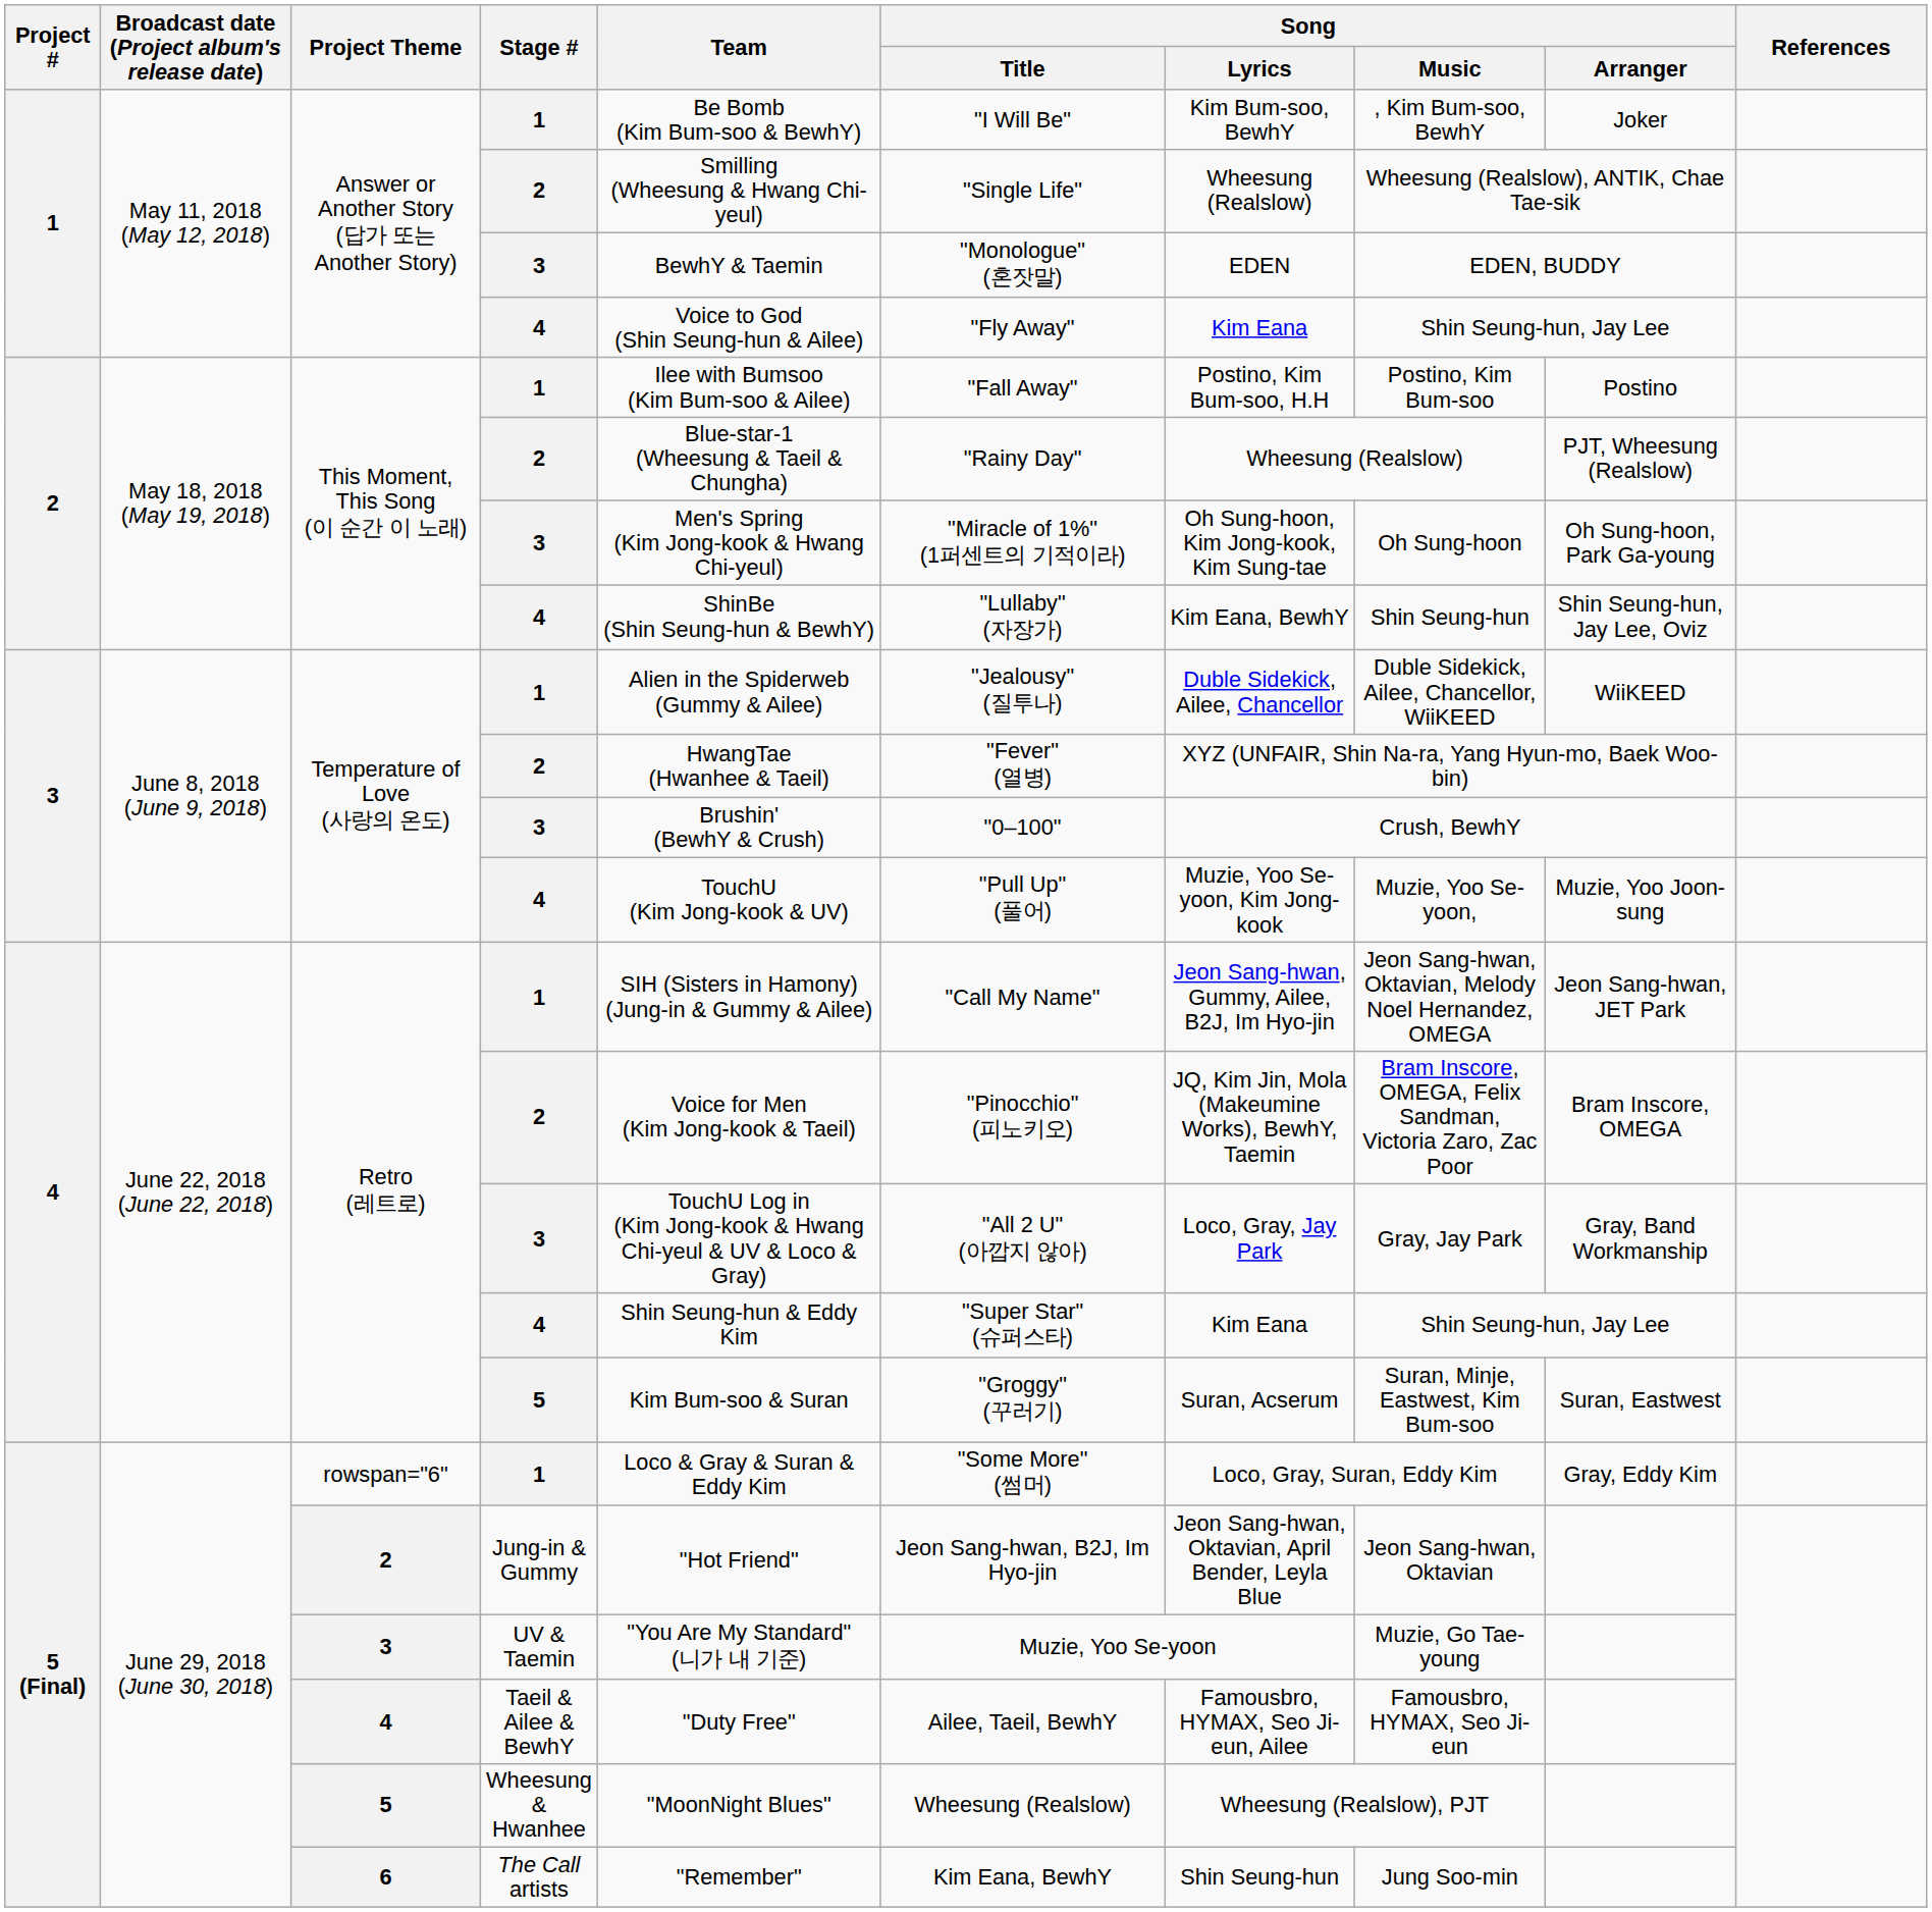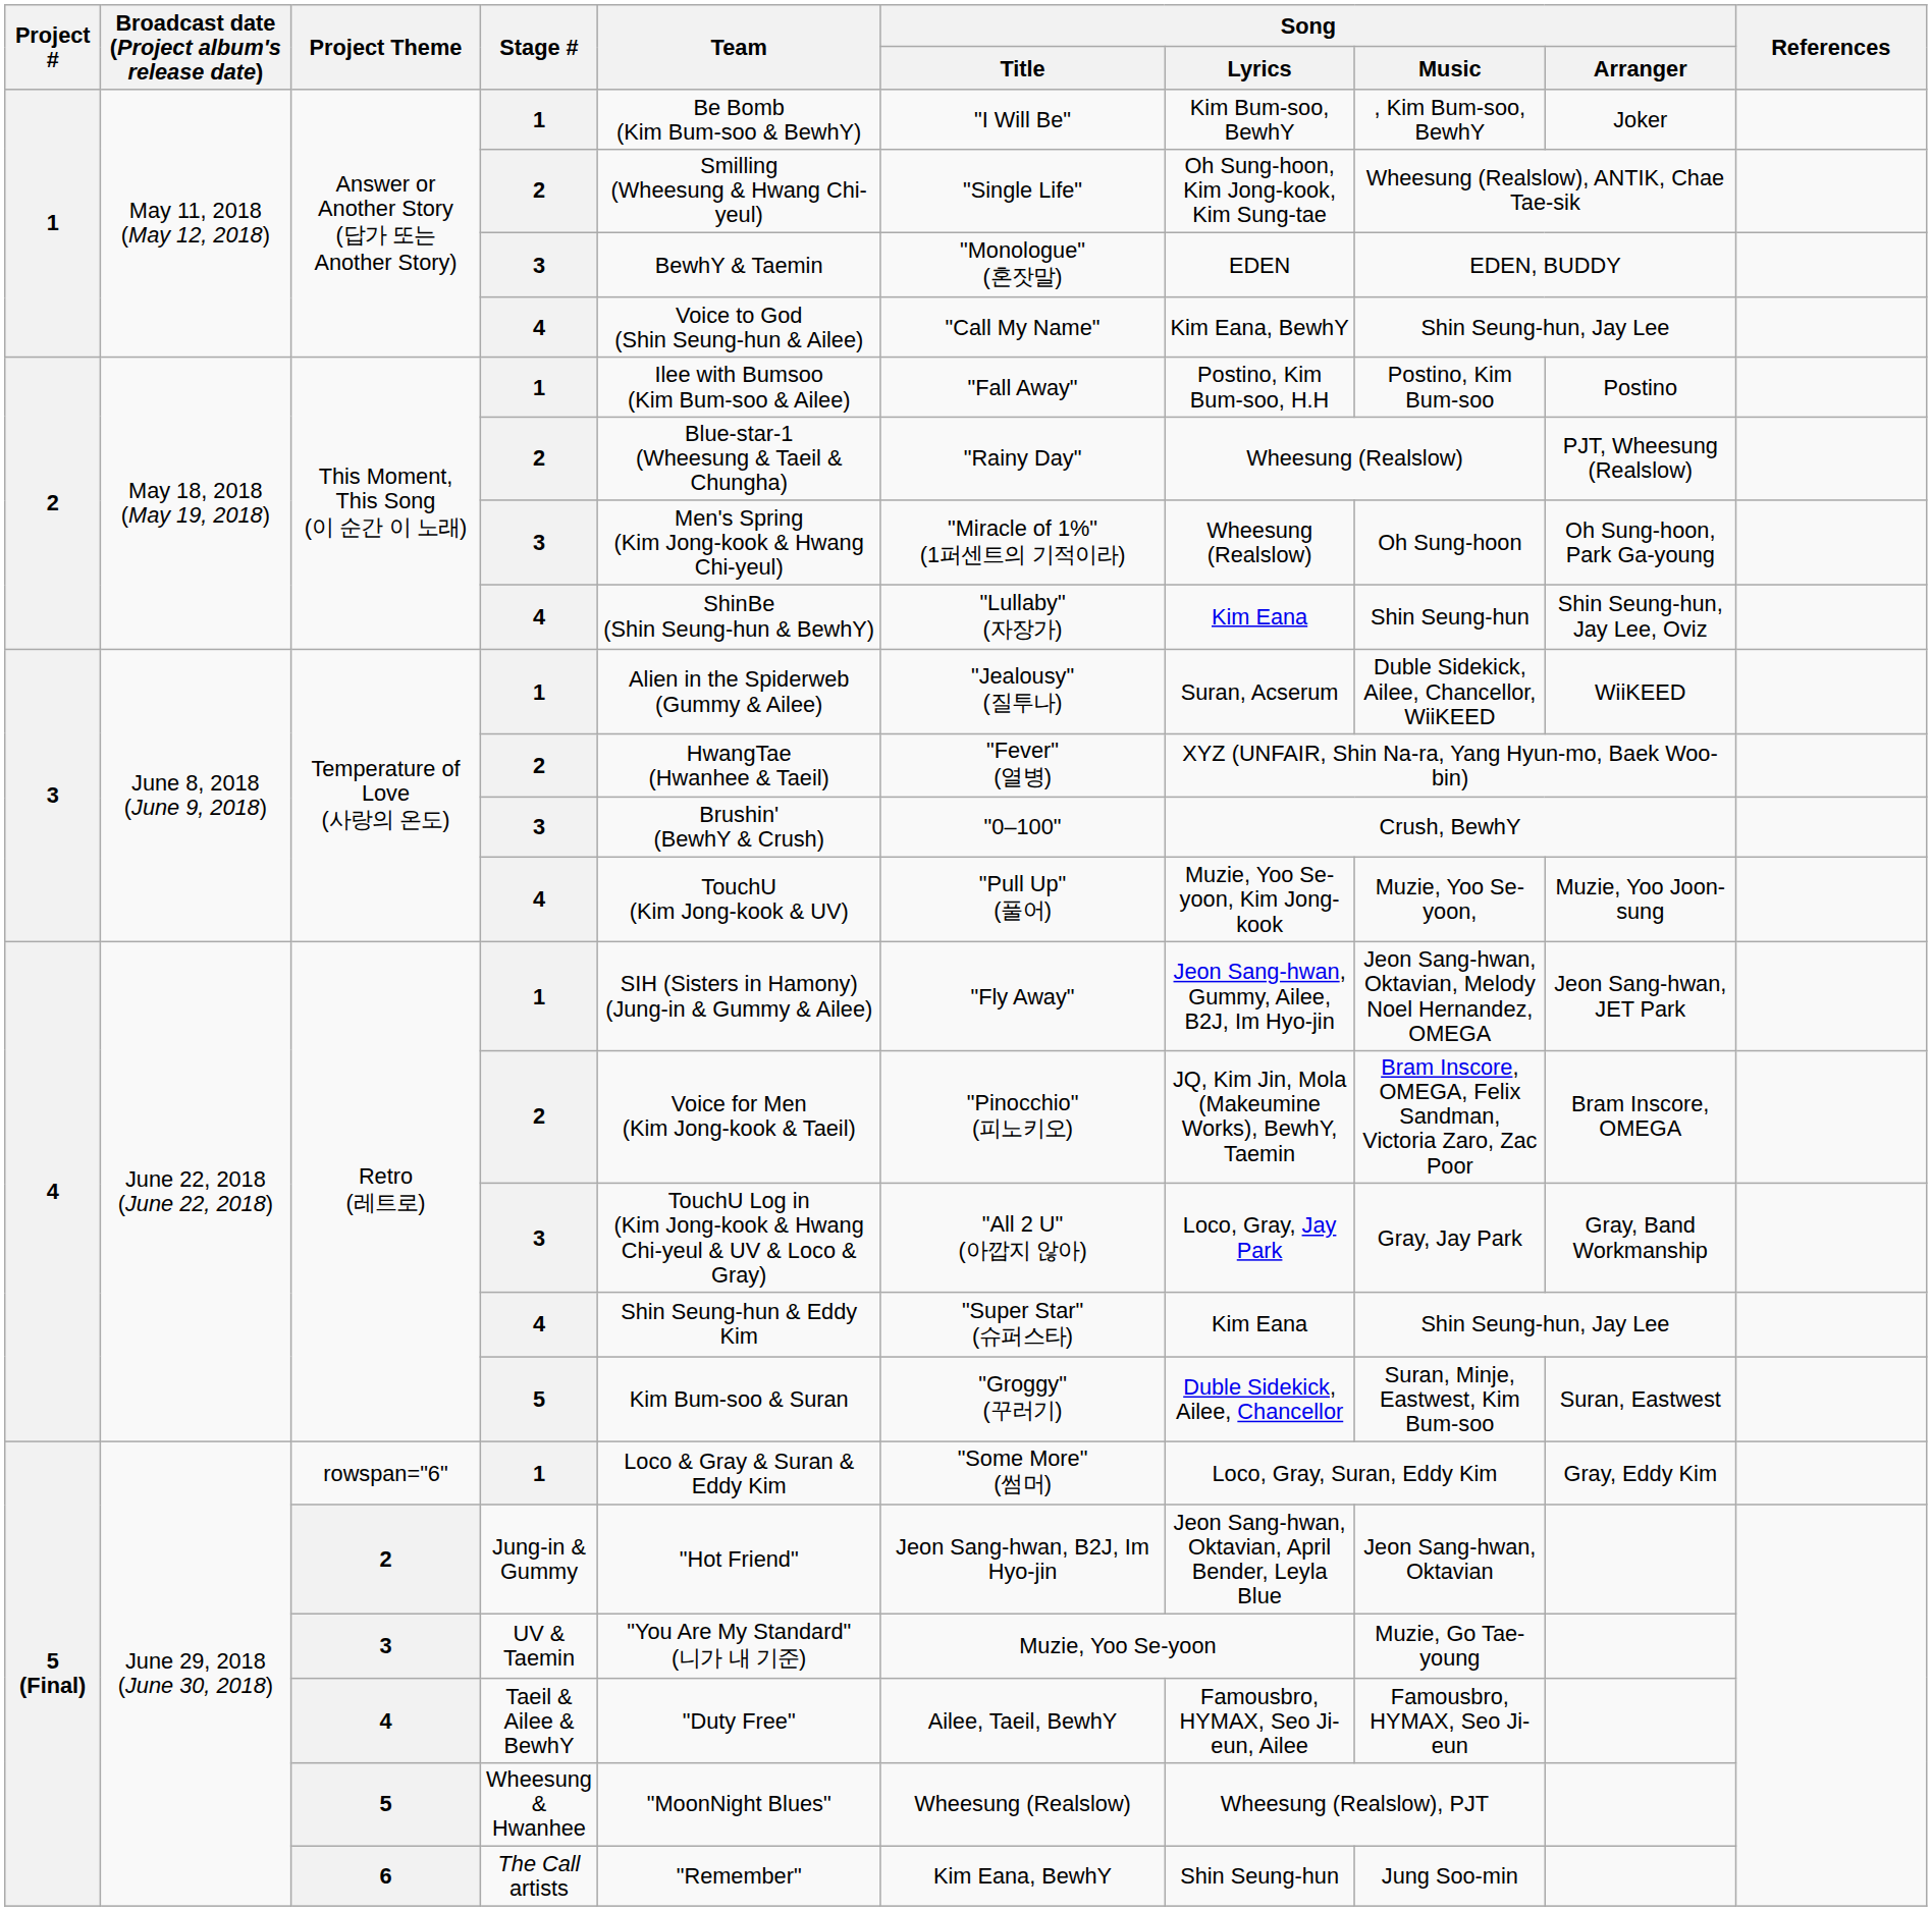 <table class="wikitable" style="text-align:center; font-size:90%;">
 <tr>
 <th width="5%" rowspan="2">Project #</th>
 <th width="10%" rowspan="2">Broadcast date<br>(<em>Project album's release date</em>)</th>
 <th width="10%" rowspan="2">Project Theme</th>
 <th width="5%" rowspan="2">Stage #</th>
 <th width="15%" rowspan="2">Team</th>
 <th colspan="4">Song</th>
 <th width="10%" rowspan="2">References</th>
 </tr>
 <tr>
 <th width="15%">Title</th>
 <th width="10%">Lyrics</th>
 <th width="10%">Music</th>
 <th width="10%">Arranger</th>
 </tr>
 <tr>
 <th rowspan=4>1</th>
 <td rowspan=4>May 11, 2018<br>(<em>May 12, 2018</em>)</td>
 <td rowspan=4>Answer or Another Story<br>(답가 또는 Another Story)</td>
 <th>1</th>
 <td>Be Bomb<br>(Kim Bum-soo & BewhY)</td>
 <td>"I Will Be"</td>
 <td>Kim Bum-soo, BewhY</td>
 <td>, Kim Bum-soo, BewhY</td>
 <td>Joker</td>
 <td></td>
 </tr>
 <tr>
 <th>2</th>
 <td>Smilling<br>(Wheesung & Hwang Chi-yeul)</td>
 <td>"Single Life"</td>
-<td>Wheesung (Realslow)</td>
+<td>Oh Sung-hoon, Kim Jong-kook, Kim Sung-tae</td>
 <td colspan=2>Wheesung (Realslow), ANTIK, Chae Tae-sik</td>
 <td></td>
 </tr>
 <tr>
 <th>3</th>
 <td>BewhY & Taemin</td>
 <td>"Monologue"<br>(혼잣말)</td>
 <td>EDEN</td>
 <td colspan=2>EDEN, BUDDY</td>
 <td></td>
 </tr>
 <tr>
 <th>4</th>
 <td>Voice to God<br>(Shin Seung-hun & Ailee)</td>
-<td>"Fly Away"</td>
-<td><a href='#'>Kim Eana</a></td>
+<td>"Call My Name"</td>
+<td>Kim Eana, BewhY</td>
 <td colspan=2>Shin Seung-hun, Jay Lee</td>
 <td></td>
 </tr>
 <tr>
 <th rowspan=4>2</th>
 <td rowspan=4>May 18, 2018<br>(<em>May 19, 2018</em>)</td>
 <td rowspan=4>This Moment, This Song<br>(이 순간 이 노래)</td>
 <th>1</th>
 <td>Ilee with Bumsoo<br>(Kim Bum-soo & Ailee)</td>
 <td>"Fall Away"</td>
 <td>Postino, Kim Bum-soo, H.H</td>
 <td>Postino, Kim Bum-soo</td>
 <td>Postino</td>
 <td></td>
 </tr>
 <tr>
 <th>2</th>
 <td>Blue-star-1<br>(Wheesung & Taeil & Chungha)</td>
 <td>"Rainy Day"</td>
 <td colspan=2>Wheesung (Realslow)</td>
 <td>PJT, Wheesung (Realslow)</td>
 <td></td>
 </tr>
 <tr>
 <th>3</th>
 <td>Men's Spring<br>(Kim Jong-kook & Hwang Chi-yeul)</td>
 <td>"Miracle of 1%"<br>(1퍼센트의 기적이라)</td>
-<td>Oh Sung-hoon, Kim Jong-kook, Kim Sung-tae</td>
+<td>Wheesung (Realslow)</td>
 <td>Oh Sung-hoon</td>
 <td>Oh Sung-hoon, Park Ga-young</td>
 <td></td>
 </tr>
 <tr>
 <th>4</th>
 <td>ShinBe<br>(Shin Seung-hun & BewhY)</td>
 <td>"Lullaby"<br>(자장가)</td>
-<td>Kim Eana, BewhY</td>
+<td><a href='#'>Kim Eana</a></td>
 <td>Shin Seung-hun</td>
 <td>Shin Seung-hun, Jay Lee, Oviz</td>
 <td></td>
 </tr>
 <tr>
 <th rowspan=4>3</th>
 <td rowspan=4>June 8, 2018<br>(<em>June 9, 2018</em>)</td>
 <td rowspan=4>Temperature of Love<br>(사랑의 온도)</td>
 <th>1</th>
 <td>Alien in the Spiderweb<br>(Gummy & Ailee)</td>
 <td>"Jealousy"<br>(질투나)</td>
-<td><a href='#'>Duble Sidekick</a>, Ailee, <a href='#'>Chancellor</a></td>
+<td>Suran, Acserum</td>
 <td>Duble Sidekick, Ailee, Chancellor, WiiKEED</td>
 <td>WiiKEED</td>
 <td></td>
 </tr>
 <tr>
 <th>2</th>
 <td>HwangTae<br>(Hwanhee & Taeil)</td>
 <td>"Fever"<br>(열병)</td>
 <td colspan=3>XYZ (UNFAIR, Shin Na-ra, Yang Hyun-mo, Baek Woo-bin)</td>
 <td></td>
 </tr>
 <tr>
 <th>3</th>
 <td>Brushin'<br>(BewhY & Crush)</td>
 <td>"0–100"</td>
 <td colspan=3>Crush, BewhY</td>
 <td></td>
 </tr>
 <tr>
 <th>4</th>
 <td>TouchU<br>(Kim Jong-kook & UV)</td>
 <td>"Pull Up"<br>(풀어)</td>
 <td>Muzie, Yoo Se-yoon, Kim Jong-kook</td>
 <td>Muzie, Yoo Se-yoon, </td>
 <td>Muzie, Yoo Joon-sung</td>
 <td></td>
 </tr>
 <tr>
 <th rowspan=5>4</th>
 <td rowspan=5>June 22, 2018<br>(<em>June 22, 2018</em>)</td>
 <td rowspan=5>Retro<br>(레트로)</td>
 <th>1</th>
 <td>SIH (Sisters in Hamony)<br>(Jung-in & Gummy & Ailee)</td>
-<td>"Call My Name"</td>
+<td>"Fly Away"</td>
 <td><a href='#'>Jeon Sang-hwan</a>, Gummy, Ailee, B2J, Im Hyo-jin</td>
 <td>Jeon Sang-hwan, Oktavian, Melody Noel Hernandez, OMEGA</td>
 <td>Jeon Sang-hwan, JET Park</td>
 <td></td>
 </tr>
 <tr>
 <th>2</th>
 <td>Voice for Men<br>(Kim Jong-kook & Taeil)</td>
 <td>"Pinocchio"<br>(피노키오)</td>
 <td>JQ, Kim Jin, Mola (Makeumine Works), BewhY, Taemin</td>
 <td><a href='#'>Bram Inscore</a>, OMEGA, Felix Sandman, Victoria Zaro, Zac Poor</td>
 <td>Bram Inscore, OMEGA</td>
 <td></td>
 </tr>
 <tr>
 <th>3</th>
 <td>TouchU Log in<br>(Kim Jong-kook & Hwang Chi-yeul & UV & Loco & Gray)</td>
 <td>"All 2 U"<br>(아깝지 않아)</td>
 <td>Loco, Gray, <a href='#'>Jay Park</a></td>
 <td>Gray, Jay Park</td>
 <td>Gray, Band Workmanship</td>
 <td></td>
 </tr>
 <tr>
 <th>4</th>
 <td>Shin Seung-hun & Eddy Kim</td>
 <td>"Super Star"<br>(슈퍼스타)</td>
 <td>Kim Eana</td>
 <td colspan=2>Shin Seung-hun, Jay Lee</td>
 <td></td>
 </tr>
 <tr>
 <th>5</th>
 <td>Kim Bum-soo & Suran</td>
 <td>"Groggy"<br>(꾸러기)</td>
-<td>Suran, Acserum</td>
+<td><a href='#'>Duble Sidekick</a>, Ailee, <a href='#'>Chancellor</a></td>
 <td>Suran, Minje, Eastwest, Kim Bum-soo</td>
 <td>Suran, Eastwest</td>
 <td></td>
 </tr>
 <tr>
 <th rowspan=6>5<br>(Final)</th>
 <td rowspan=6>June 29, 2018<br>(<em>June 30, 2018</em>)</td>
 <td>rowspan="6" </td>
 <th>1</th>
 <td>Loco & Gray & Suran & Eddy Kim</td>
 <td>"Some More"<br>(썸머)</td>
 <td colspan=2>Loco, Gray, Suran, Eddy Kim</td>
 <td>Gray, Eddy Kim</td>
 <td></td>
 </tr>
 <tr>
 <th>2</th>
 <td>Jung-in & Gummy</td>
 <td>"Hot Friend"</td>
 <td>Jeon Sang-hwan, B2J, Im Hyo-jin</td>
 <td>Jeon Sang-hwan, Oktavian, April Bender, Leyla Blue</td>
 <td>Jeon Sang-hwan, Oktavian</td>
 <td></td>
 </tr>
 <tr>
 <th>3</th>
 <td>UV & Taemin</td>
 <td>"You Are My Standard"<br>(니가 내 기준)</td>
 <td colspan=2>Muzie, Yoo Se-yoon</td>
 <td>Muzie, Go Tae-young</td>
 <td></td>
 </tr>
 <tr>
 <th>4</th>
 <td>Taeil & Ailee & BewhY</td>
 <td>"Duty Free"</td>
 <td>Ailee, Taeil, BewhY</td>
 <td>Famousbro, HYMAX, Seo Ji-eun, Ailee</td>
 <td>Famousbro, HYMAX, Seo Ji-eun</td>
 <td></td>
 </tr>
 <tr>
 <th>5</th>
 <td>Wheesung & Hwanhee</td>
 <td>"MoonNight Blues"</td>
 <td>Wheesung (Realslow)</td>
 <td colspan=2>Wheesung (Realslow), PJT</td>
 <td></td>
 </tr>
 <tr>
 <th>6</th>
 <td><em>The Call</em> artists</td>
 <td>"Remember"</td>
 <td>Kim Eana, BewhY</td>
 <td>Shin Seung-hun</td>
 <td>Jung Soo-min</td>
 <td></td>
 </tr>
 </table>
